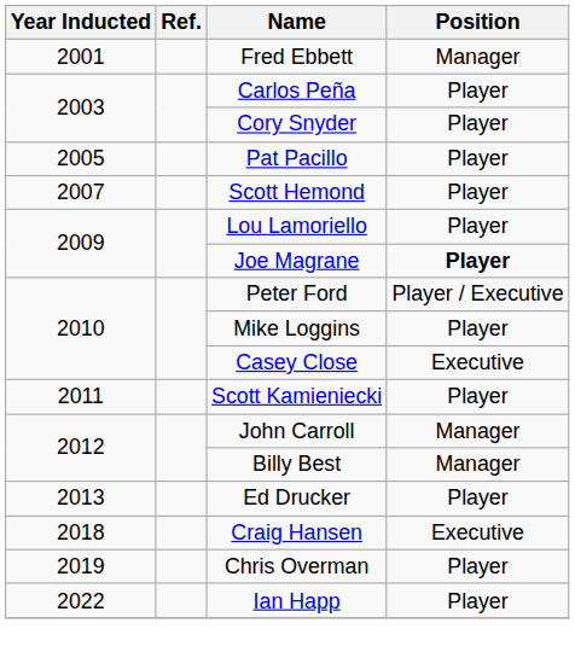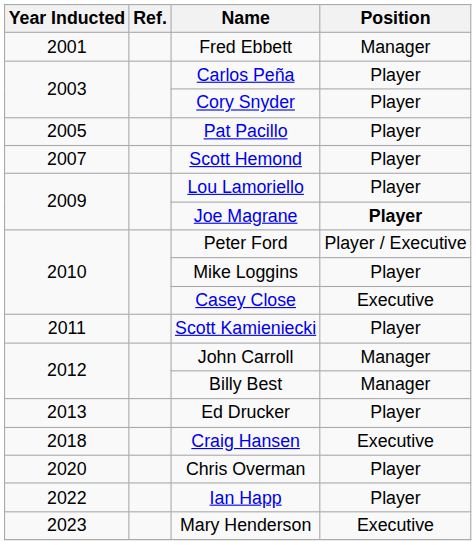 <table class="wikitable" style="text-align:center">
 <tr>
 <th>Year Inducted</th>
 <th>Ref.</th>
 <th>Name</th>
 <th>Position</th>
 </tr>
 <tr>
 <td>2001</td>
 <td></td>
 <td>Fred Ebbett</td>
 <td>Manager</td>
 </tr>
 <tr>
 <td rowspan="2">2003</td>
 <td rowspan="2"></td>
 <td><a href='#'>Carlos Peña</a></td>
 <td>Player</td>
 </tr>
 <tr>
 <td><a href='#'>Cory Snyder</a></td>
 <td>Player</td>
 </tr>
 <tr>
 <td>2005</td>
 <td></td>
 <td><a href='#'>Pat Pacillo</a></td>
 <td>Player</td>
 </tr>
 <tr>
 <td>2007</td>
 <td></td>
 <td><a href='#'>Scott Hemond</a></td>
 <td>Player</td>
 </tr>
 <tr>
 <td rowspan="2">2009</td>
 <td rowspan="2"></td>
 <td><a href='#'>Lou Lamoriello</a></td>
 <td>Player</td>
 </tr>
 <tr>
 <td><a href='#'>Joe Magrane</a></td>
 <td><strong>Player</strong></td>
 </tr>
 <tr>
 <td rowspan="3">2010</td>
 <td rowspan="3"></td>
 <td>Peter Ford</td>
 <td>Player / Executive</td>
 </tr>
 <tr>
 <td>Mike Loggins</td>
 <td>Player</td>
 </tr>
 <tr>
 <td><a href='#'>Casey Close</a></td>
 <td>Executive</td>
 </tr>
 <tr>
 <td>2011</td>
 <td></td>
 <td><a href='#'>Scott Kamieniecki</a></td>
 <td>Player</td>
 </tr>
 <tr>
 <td rowspan="2">2012</td>
 <td rowspan="2"></td>
 <td>John Carroll</td>
 <td>Manager</td>
 </tr>
 <tr>
 <td>Billy Best</td>
 <td>Manager</td>
 </tr>
 <tr>
 <td>2013</td>
 <td></td>
 <td>Ed Drucker</td>
 <td>Player</td>
 </tr>
 <tr>
 <td>2018</td>
 <td></td>
 <td><a href='#'>Craig Hansen</a></td>
 <td>Executive</td>
 </tr>
 <tr>
-<td>2019</td>
+<td>2020</td>
 <td></td>
 <td>Chris Overman</td>
 <td>Player</td>
 </tr>
 <tr>
 <td>2022</td>
 <td></td>
 <td><a href='#'>Ian Happ</a></td>
 <td>Player</td>
 </tr>
 <tr>
+<td>2023</td>
+<td></td>
+<td>Mary Henderson</td>
+<td>Executive</td>
+</tr>
+<tr>
 </tr>
 </table>
